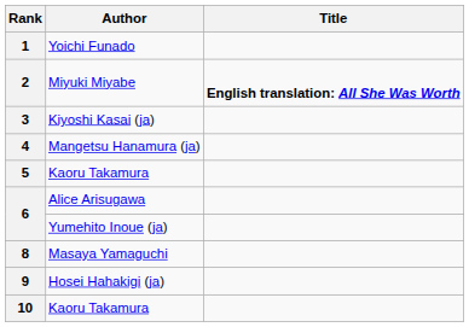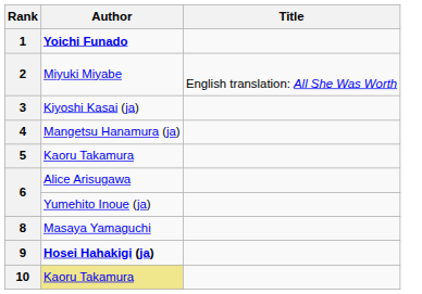 <table class="wikitable sortable" style="font-size:1.00em; line-height:1.5em;">
 <tr>
 <th>Rank</th>
 <th>Author</th>
 <th>Title</th>
 </tr>
 <tr>
 <th>1</th>
-<td><a href='#'>Yoichi Funado</a></td>
+<td><strong><a href='#'>Yoichi Funado</a></strong></td>
 <td></td>
 </tr>
 <tr>
 <th>2</th>
 <td><a href='#'>Miyuki Miyabe</a></td>
-<td><strong><br>English translation: <em><a href='#'>All She Was Worth</a></em></strong></td>
+<td><br>English translation: <em><a href='#'>All She Was Worth</a></em></td>
 </tr>
 <tr>
 <th>3</th>
 <td><a href='#'>Kiyoshi Kasai</a> (<a href='#'>ja</a>)</td>
 <td></td>
 </tr>
 <tr>
 <th>4</th>
 <td><a href='#'>Mangetsu Hanamura</a> (<a href='#'>ja</a>)</td>
 <td></td>
 </tr>
 <tr>
 <th>5</th>
 <td><a href='#'>Kaoru Takamura</a></td>
 <td></td>
 </tr>
 <tr>
 <th rowspan="2">6</th>
 <td><a href='#'>Alice Arisugawa</a></td>
 <td></td>
 </tr>
 <tr>
 <td><a href='#'>Yumehito Inoue</a> (<a href='#'>ja</a>)</td>
 <td></td>
 </tr>
 <tr>
 <th>8</th>
 <td><a href='#'>Masaya Yamaguchi</a></td>
 <td></td>
 </tr>
 <tr>
 <th>9</th>
-<td><a href='#'>Hosei Hahakigi</a> (<a href='#'>ja</a>)</td>
+<td><strong><a href='#'>Hosei Hahakigi</a> (<a href='#'>ja</a>)</strong></td>
 <td></td>
 </tr>
 <tr>
 <th>10</th>
-<td><a href='#'>Kaoru Takamura</a></td>
+<td style="background: khaki;"><a href='#'>Kaoru Takamura</a></td>
 <td></td>
 </tr>
 </table>
